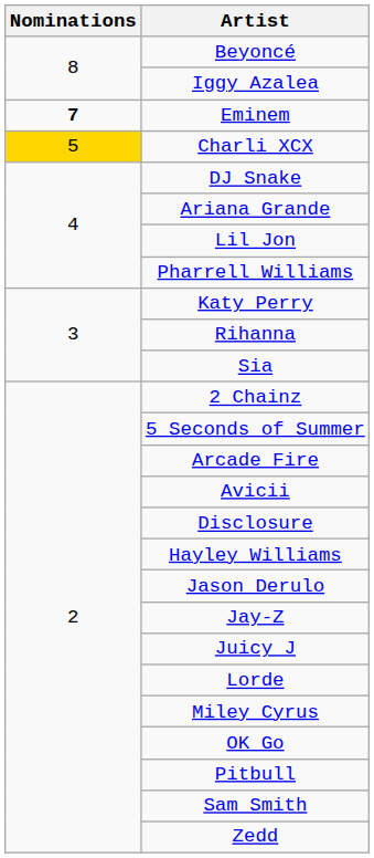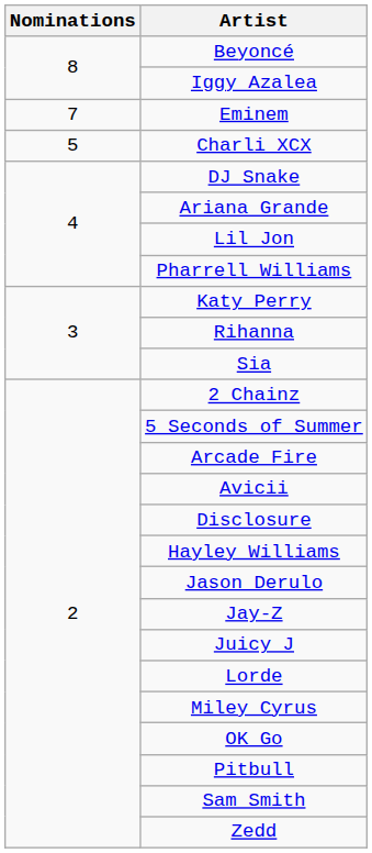 <table class="wikitable" rowspan="2" style="text-align:center">
 <tr>
 <th scope="col" style="width:55px;">Nominations</th>
 <th scope="col" style="text-align:center;">Artist</th>
 </tr>
 <tr>
 <td rowspan="2" style="text-align:center">8</td>
 <td><a href='#'>Beyoncé</a></td>
 </tr>
 <tr>
 <td><a href='#'>Iggy Azalea</a></td>
 </tr>
 <tr>
-<td style="text-align:center"><strong>7</strong></td>
+<td style="text-align:center">7</td>
 <td><a href='#'>Eminem</a></td>
 </tr>
 <tr>
-<td style="background: gold; text-align:center">5</td>
+<td style="text-align:center">5</td>
 <td><a href='#'>Charli XCX</a></td>
 </tr>
 <tr>
 <td rowspan="4" style="text-align:center">4</td>
 <td><a href='#'>DJ Snake</a></td>
 </tr>
 <tr>
 <td><a href='#'>Ariana Grande</a></td>
 </tr>
 <tr>
 <td><a href='#'>Lil Jon</a></td>
 </tr>
 <tr>
 <td><a href='#'>Pharrell Williams</a></td>
 </tr>
 <tr>
 <td rowspan="3" style="text-align:center">3</td>
 <td><a href='#'>Katy Perry</a></td>
 </tr>
 <tr>
 <td><a href='#'>Rihanna</a></td>
 </tr>
 <tr>
 <td><a href='#'>Sia</a></td>
 </tr>
 <tr>
 <td rowspan="15" style="text-align:center">2</td>
 <td><a href='#'>2 Chainz</a></td>
 </tr>
 <tr>
 <td><a href='#'>5 Seconds of Summer</a></td>
 </tr>
 <tr>
 <td><a href='#'>Arcade Fire</a></td>
 </tr>
 <tr>
 <td><a href='#'>Avicii</a></td>
 </tr>
 <tr>
 <td><a href='#'>Disclosure</a></td>
 </tr>
 <tr>
 <td><a href='#'>Hayley Williams</a></td>
 </tr>
 <tr>
 <td><a href='#'>Jason Derulo</a></td>
 </tr>
 <tr>
 <td><a href='#'>Jay-Z</a></td>
 </tr>
 <tr>
 <td><a href='#'>Juicy J</a></td>
 </tr>
 <tr>
 <td><a href='#'>Lorde</a></td>
 </tr>
 <tr>
 <td><a href='#'>Miley Cyrus</a></td>
 </tr>
 <tr>
 <td><a href='#'>OK Go</a></td>
 </tr>
 <tr>
 <td><a href='#'>Pitbull</a></td>
 </tr>
 <tr>
 <td><a href='#'>Sam Smith</a></td>
 </tr>
 <tr>
 <td><a href='#'>Zedd</a></td>
 </tr>
 </table>
